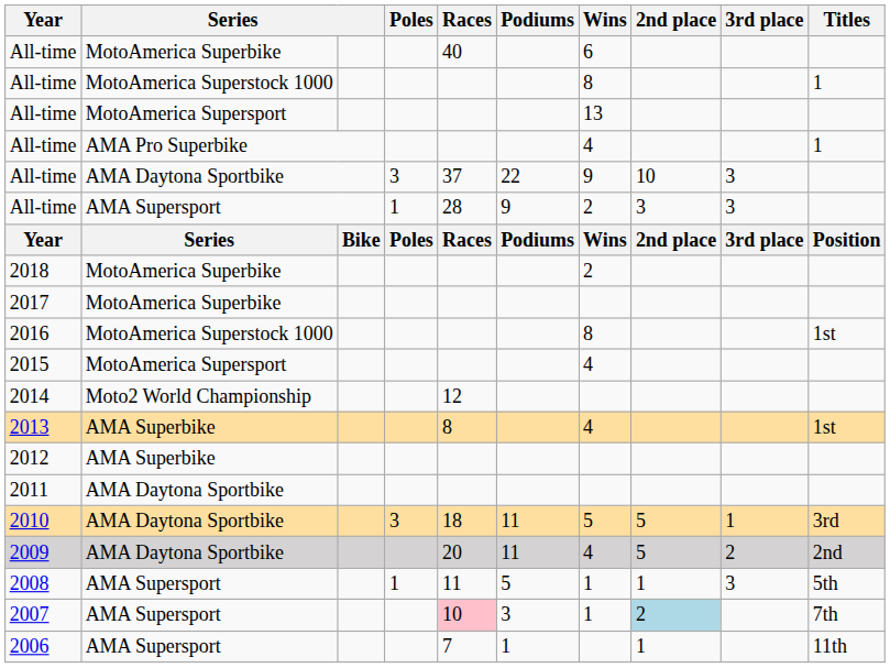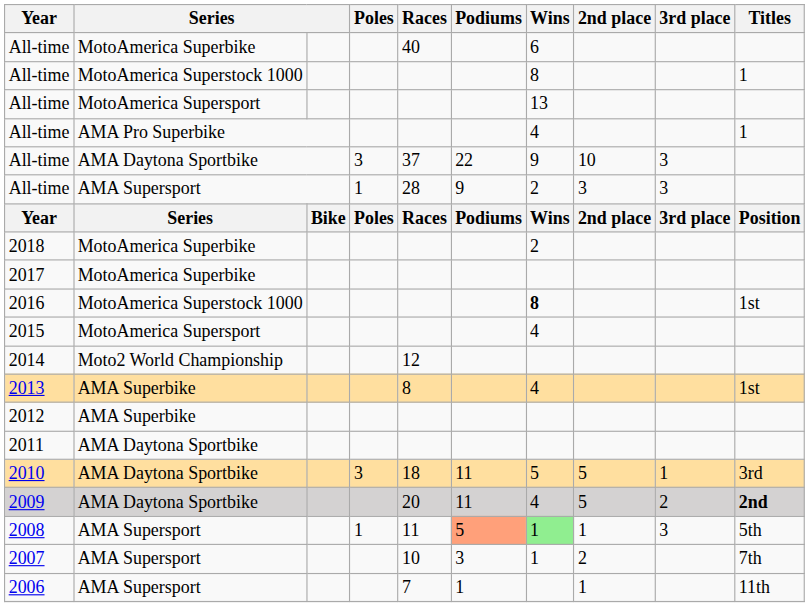 <table class="wikitable">
 <tr>
 <th>Year</th>
 <th colspan=2>Series</th>
 <th>Poles</th>
 <th>Races</th>
 <th>Podiums</th>
 <th>Wins</th>
 <th>2nd place</th>
 <th>3rd place</th>
 <th>Titles</th>
 </tr>
 <tr>
 <td>All-time</td>
 <td>MotoAmerica Superbike</td>
 <td></td>
 <td></td>
 <td>40</td>
 <td></td>
 <td>6</td>
 <td></td>
 <td></td>
 <td></td>
 </tr>
 <tr>
 <td>All-time</td>
 <td>MotoAmerica Superstock 1000</td>
 <td></td>
 <td></td>
 <td></td>
 <td></td>
 <td>8</td>
 <td></td>
 <td></td>
 <td>1</td>
 </tr>
 <tr>
 <td>All-time</td>
 <td>MotoAmerica Supersport</td>
 <td></td>
 <td></td>
 <td></td>
 <td></td>
 <td>13</td>
 <td></td>
 <td></td>
 <td></td>
 </tr>
 <tr>
 <td>All-time</td>
 <td colspan=2>AMA Pro Superbike</td>
 <td></td>
 <td></td>
 <td></td>
 <td>4</td>
 <td></td>
 <td></td>
 <td>1</td>
 </tr>
 <tr>
 <td>All-time</td>
 <td colspan=2>AMA Daytona Sportbike</td>
 <td>3</td>
 <td>37</td>
 <td>22</td>
 <td>9</td>
 <td>10</td>
 <td>3</td>
 <td></td>
 </tr>
 <tr>
 <td>All-time</td>
 <td colspan=2>AMA Supersport</td>
 <td>1</td>
 <td>28</td>
 <td>9</td>
 <td>2</td>
 <td>3</td>
 <td>3</td>
 <td></td>
 </tr>
 <tr>
 <th>Year</th>
 <th>Series</th>
 <th>Bike</th>
 <th>Poles</th>
 <th>Races</th>
 <th>Podiums</th>
 <th>Wins</th>
 <th>2nd place</th>
 <th>3rd place</th>
 <th>Position</th>
 </tr>
 <tr>
 <td>2018</td>
 <td>MotoAmerica Superbike</td>
 <td></td>
 <td></td>
 <td></td>
 <td></td>
 <td>2</td>
 <td></td>
 <td></td>
 <td></td>
 </tr>
 <tr>
 <td>2017</td>
 <td>MotoAmerica Superbike</td>
 <td></td>
 <td></td>
 <td></td>
 <td></td>
 <td></td>
 <td></td>
 <td></td>
 <td></td>
 </tr>
 <tr>
 <td>2016</td>
 <td>MotoAmerica Superstock 1000</td>
 <td></td>
 <td></td>
 <td></td>
 <td></td>
-<td>8</td>
+<td><strong>8</strong></td>
 <td></td>
 <td></td>
 <td>1st</td>
 </tr>
 <tr>
 <td>2015</td>
 <td>MotoAmerica Supersport</td>
 <td></td>
 <td></td>
 <td></td>
 <td></td>
 <td>4</td>
 <td></td>
 <td></td>
 <td></td>
 </tr>
 <tr>
 <td>2014</td>
 <td>Moto2 World Championship</td>
 <td></td>
 <td></td>
 <td>12</td>
 <td></td>
 <td></td>
 <td></td>
 <td></td>
 <td></td>
 </tr>
 <tr>
 <td style="background:#ffdf9f;"><a href='#'>2013</a></td>
 <td style="background:#ffdf9f;">AMA Superbike</td>
 <td style="background:#ffdf9f;"></td>
 <td style="background:#ffdf9f;"></td>
 <td style="background:#ffdf9f;">8</td>
 <td style="background:#ffdf9f;"></td>
 <td style="background:#ffdf9f;">4</td>
 <td style="background:#ffdf9f;"></td>
 <td style="background:#ffdf9f;"></td>
 <td style="background:#ffdf9f;">1st</td>
 </tr>
 <tr>
 <td>2012</td>
 <td>AMA Superbike</td>
 <td></td>
 <td></td>
 <td></td>
 <td></td>
 <td></td>
 <td></td>
 <td></td>
 <td></td>
 </tr>
 <tr>
 <td>2011</td>
 <td>AMA Daytona Sportbike</td>
 <td></td>
 <td></td>
 <td></td>
 <td></td>
 <td></td>
 <td></td>
 <td></td>
 <td></td>
 </tr>
 <tr>
 <td style="background:#ffdf9f;"><a href='#'>2010</a></td>
 <td style="background:#ffdf9f;">AMA Daytona Sportbike</td>
 <td style="background:#ffdf9f;"></td>
 <td style="background:#ffdf9f;">3</td>
 <td style="background:#ffdf9f;">18</td>
 <td style="background:#ffdf9f;">11</td>
 <td style="background:#ffdf9f;">5</td>
 <td style="background:#ffdf9f;">5</td>
 <td style="background:#ffdf9f;">1</td>
 <td style="background:#ffdf9f;">3rd</td>
 </tr>
 <tr>
 <td style="background:#D4D2D2;"><a href='#'>2009</a></td>
 <td style="background:#D4D2D2;">AMA Daytona Sportbike</td>
 <td style="background:#D4D2D2;"></td>
 <td style="background:#D4D2D2;"></td>
 <td style="background:#D4D2D2;">20</td>
 <td style="background:#D4D2D2;">11</td>
 <td style="background:#D4D2D2;">4</td>
 <td style="background:#D4D2D2;">5</td>
 <td style="background:#D4D2D2;">2</td>
-<td style="background:#D4D2D2;">2nd</td>
+<td style="background:#D4D2D2;"><strong>2nd</strong></td>
 </tr>
 <tr>
 <td><a href='#'>2008</a></td>
 <td>AMA Supersport</td>
 <td></td>
 <td>1</td>
 <td>11</td>
-<td>5</td>
-<td>1</td>
+<td style="background: lightsalmon;">5</td>
+<td style="background: lightgreen;">1</td>
 <td>1</td>
 <td>3</td>
 <td>5th</td>
 </tr>
 <tr>
 <td><a href='#'>2007</a></td>
 <td>AMA Supersport</td>
 <td></td>
 <td></td>
-<td style="background: pink;">10</td>
+<td>10</td>
 <td>3</td>
 <td>1</td>
-<td style="background: lightblue;">2</td>
+<td>2</td>
 <td></td>
 <td>7th</td>
 </tr>
 <tr>
 <td><a href='#'>2006</a></td>
 <td>AMA Supersport</td>
 <td></td>
 <td></td>
 <td>7</td>
 <td>1</td>
 <td></td>
 <td>1</td>
 <td></td>
 <td>11th</td>
 </tr>
 <tr>
 </tr>
 </table>
